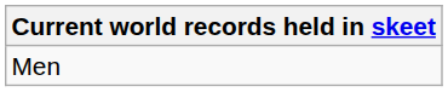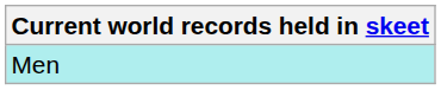 <table class="wikitable" style="font-size: 95%">
 <tr>
 <th colspan=7>Current world records held in <a href='#'>skeet</a></th>
 </tr>
 <tr>
-<td>Men<br></td>
+<td style="background: paleturquoise;">Men<br></td>
 </tr>
 </table>
